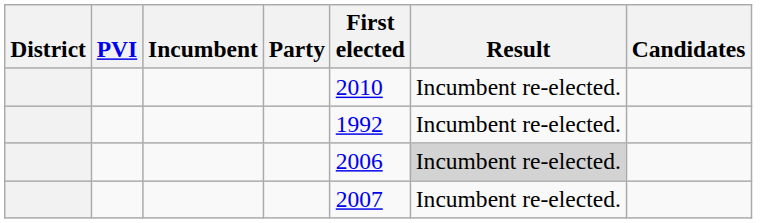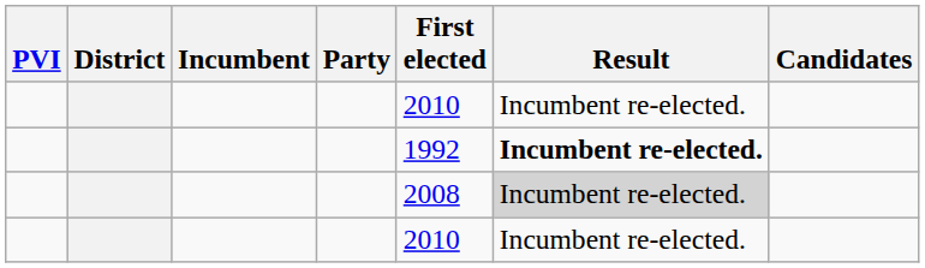 <table class="wikitable sortable">
 <tr valign=bottom>
+<th><a href='#'>PVI</a></th>
 <th>District</th>
-<th><a href='#'>PVI</a></th>
 <th>Incumbent</th>
 <th>Party</th>
 <th>First<br>elected</th>
 <th>Result</th>
 <th>Candidates</th>
 </tr>
 <tr>
+<td></td>
 <th></th>
-<td></td>
 <td></td>
 <td></td>
 <td><a href='#'>2010</a></td>
 <td>Incumbent re-elected.</td>
 <td nowrap><br></td>
 </tr>
 <tr>
+<td></td>
 <th></th>
 <td></td>
 <td></td>
-<td></td>
 <td><a href='#'>1992</a></td>
-<td>Incumbent re-elected.</td>
+<td><strong>Incumbent re-elected.</strong></td>
 <td nowrap></td>
 </tr>
 <tr>
+<td></td>
 <th></th>
 <td></td>
 <td></td>
-<td></td>
-<td><a href='#'>2006</a></td>
+<td><a href='#'>2008</a></td>
 <td style="background: lightgrey;">Incumbent re-elected.</td>
 <td nowrap></td>
 </tr>
 <tr>
+<td></td>
 <th></th>
 <td></td>
 <td></td>
-<td></td>
-<td><a href='#'>2007</a></td>
+<td><a href='#'>2010</a></td>
 <td>Incumbent re-elected.</td>
 <td nowrap></td>
 </tr>
 </table>
